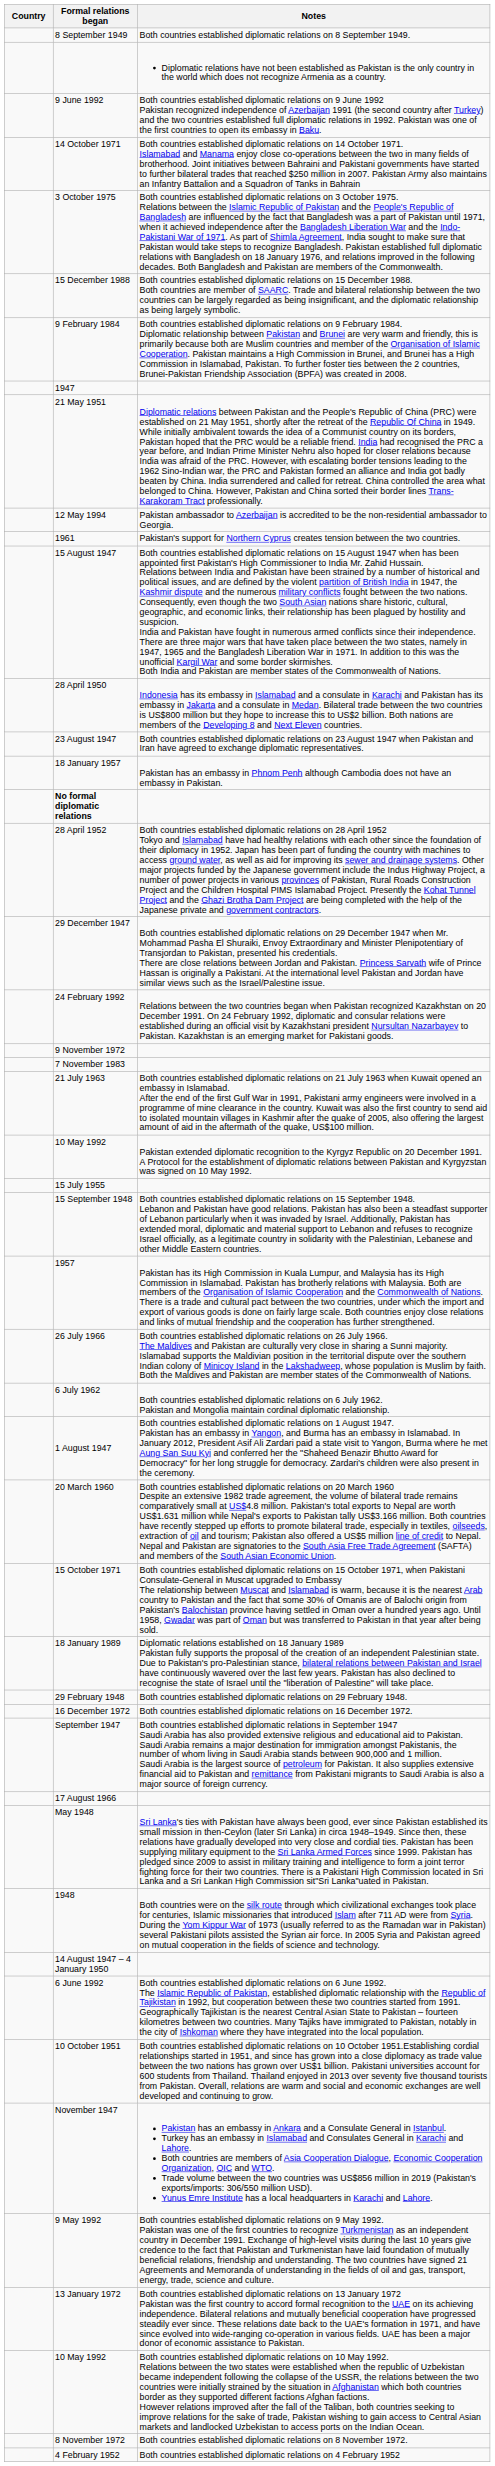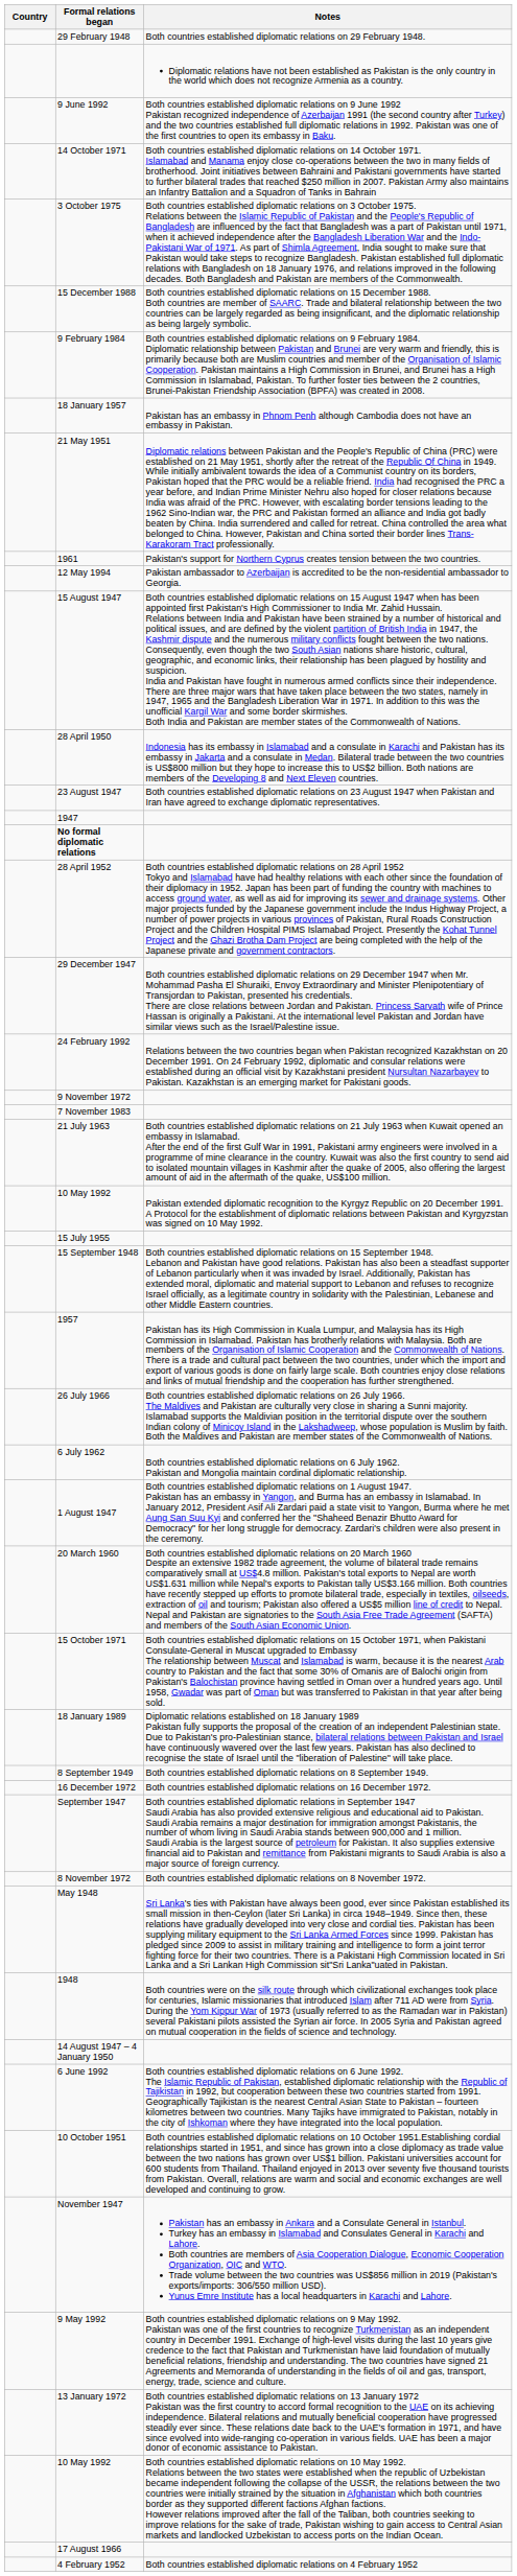 <table class="wikitable sortable" style="width:100%; margin:auto;">
 <tr>
 <th style="width:5%;">Country</th>
 <th style="width:12%;">Formal relations began</th>
 <th style="width:50%;">Notes</th>
 </tr>
 <tr valign="top">
 <td></td>
-<td>8 September 1949</td>
-<td>Both countries established diplomatic relations on 8 September 1949.</td>
+<td>29 February 1948</td>
+<td>Both countries established diplomatic relations on 29 February 1948.</td>
 </tr>
 <tr valign="top">
 <td></td>
 <td></td>
 <td><br><ul><li>Diplomatic relations have not been established as Pakistan is the only country in the world which does not recognize Armenia as a country.</li></ul></td>
 </tr>
 <tr valign="top">
 <td></td>
 <td>9 June 1992</td>
 <td>Both countries established diplomatic relations on 9 June 1992<br>Pakistan recognized independence of <a href='#'>Azerbaijan</a> 1991 (the second country after <a href='#'>Turkey</a>) and the two countries established full diplomatic relations in 1992. Pakistan was one of the first countries to open its embassy in <a href='#'>Baku</a>.</td>
 </tr>
 <tr valign="top">
 <td></td>
 <td>14 October 1971</td>
 <td>Both countries established diplomatic relations on 14 October 1971.<br><a href='#'>Islamabad</a> and <a href='#'>Manama</a> enjoy close co-operations between the two in many fields of brotherhood. Joint initiatives between Bahraini and Pakistani governments have started to further bilateral trades that reached $250 million in 2007. Pakistan Army also maintains an Infantry Battalion and a Squadron of Tanks in Bahrain</td>
 </tr>
 <tr valign="top">
 <td></td>
 <td>3 October 1975</td>
 <td>Both countries established diplomatic relations on 3 October 1975.<br>Relations between the <a href='#'>Islamic Republic of Pakistan</a> and the <a href='#'>People's Republic of Bangladesh</a> are influenced by the fact that Bangladesh was a part of Pakistan until 1971, when it achieved independence after the <a href='#'>Bangladesh Liberation War</a> and the <a href='#'>Indo-Pakistani War of 1971</a>. As part of <a href='#'>Shimla Agreement</a>, India sought to make sure that Pakistan would take steps to recognize Bangladesh. Pakistan established full diplomatic relations with Bangladesh on 18 January 1976, and relations improved in the following decades. Both Bangladesh and Pakistan are members of the Commonwealth.</td>
 </tr>
 <tr valign="top">
 <td></td>
 <td>15 December 1988</td>
 <td>Both countries established diplomatic relations on 15 December 1988.<br>Both countries are member of <a href='#'>SAARC</a>. Trade and bilateral relationship between the two countries can be largely regarded as being insignificant, and the diplomatic relationship as being largely symbolic.</td>
 </tr>
 <tr valign="top">
 <td></td>
 <td>9 February 1984</td>
 <td>Both countries established diplomatic relations on 9 February 1984.<br>Diplomatic relationship between <a href='#'>Pakistan</a> and <a href='#'>Brunei</a> are very warm and friendly, this is primarily because both are Muslim countries and member of the <a href='#'>Organisation of Islamic Cooperation</a>. Pakistan maintains a High Commission in Brunei, and Brunei has a High Commission in Islamabad, Pakistan. To further foster ties between the 2 countries, Brunei-Pakistan Friendship Association (BPFA) was created in 2008.</td>
 </tr>
 <tr valign="top">
 <td></td>
-<td>1947</td>
-<td></td>
+<td>18 January 1957</td>
+<td><br>Pakistan has an embassy in <a href='#'>Phnom Penh</a> although Cambodia does not have an embassy in Pakistan.</td>
 </tr>
 <tr valign="top">
 <td></td>
 <td>21 May 1951</td>
 <td><br><a href='#'>Diplomatic relations</a> between Pakistan and the People's Republic of China (PRC) were established on 21 May 1951, shortly after the retreat of the <a href='#'>Republic Of China</a> in 1949. While initially ambivalent towards the idea of a Communist country on its borders, Pakistan hoped that the PRC would be a reliable friend. <a href='#'>India</a> had recognised the PRC a year before, and Indian Prime Minister Nehru also hoped for closer relations because India was afraid of the PRC. However, with escalating border tensions leading to the 1962 Sino-Indian war, the PRC and Pakistan formed an alliance and India got badly beaten by China. India surrendered and called for retreat. China controlled the area what belonged to China. However, Pakistan and China sorted their border lines <a href='#'>Trans-Karakoram Tract</a> professionally.</td>
 </tr>
 <tr valign="top">
 <td></td>
-<td>12 May 1994</td>
-<td>Pakistan ambassador to <a href='#'>Azerbaijan</a> is accredited to be the non-residential ambassador to Georgia.</td>
+<td>1961</td>
+<td>Pakistan's support for <a href='#'>Northern Cyprus</a> creates tension between the two countries.</td>
 </tr>
 <tr valign="top">
 <td></td>
-<td>1961</td>
-<td>Pakistan's support for <a href='#'>Northern Cyprus</a> creates tension between the two countries.</td>
+<td>12 May 1994</td>
+<td>Pakistan ambassador to <a href='#'>Azerbaijan</a> is accredited to be the non-residential ambassador to Georgia.</td>
 </tr>
 <tr valign="top">
 <td></td>
 <td>15 August 1947</td>
 <td>Both countries established diplomatic relations on 15 August 1947 when has been appointed first Pakistan's High Commissioner to India Mr. Zahid Hussain.<br>Relations between India and Pakistan have been strained by a number of historical and political issues, and are defined by the violent <a href='#'>partition of British India</a> in 1947, the <a href='#'>Kashmir dispute</a> and the numerous <a href='#'>military conflicts</a> fought between the two nations. Consequently, even though the two <a href='#'>South Asian</a> nations share historic, cultural, geographic, and economic links, their relationship has been plagued by hostility and suspicion.<br>India and Pakistan have fought in numerous armed conflicts since their independence. There are three major wars that have taken place between the two states, namely in 1947, 1965 and the Bangladesh Liberation War in 1971. In addition to this was the unofficial <a href='#'>Kargil War</a> and some border skirmishes.<br>Both India and Pakistan are member states of the Commonwealth of Nations.</td>
 </tr>
 <tr valign="top">
 <td></td>
 <td>28 April 1950</td>
 <td><br><a href='#'>Indonesia</a> has its embassy in <a href='#'>Islamabad</a> and a consulate in <a href='#'>Karachi</a> and Pakistan has its embassy in <a href='#'>Jakarta</a> and a consulate in <a href='#'>Medan</a>. Bilateral trade between the two countries is US$800 million but they hope to increase this to US$2 billion. Both nations are members of the <a href='#'>Developing 8</a> and <a href='#'>Next Eleven</a> countries.</td>
 </tr>
 <tr valign="top">
 <td></td>
 <td>23 August 1947</td>
 <td>Both countries established diplomatic relations on 23 August 1947 when Pakistan and Iran have agreed to exchange diplomatic representatives.</td>
 </tr>
 <tr valign="top">
 <td></td>
-<td>18 January 1957</td>
-<td><br>Pakistan has an embassy in <a href='#'>Phnom Penh</a> although Cambodia does not have an embassy in Pakistan.</td>
+<td>1947</td>
+<td></td>
 </tr>
 <tr valign="top">
 <td></td>
 <td><strong>No formal diplomatic relations</strong></td>
 <td></td>
 </tr>
 <tr valign="top">
 <td></td>
 <td>28 April 1952</td>
 <td>Both countries established diplomatic relations on 28 April 1952<br>Tokyo and <a href='#'>Islamabad</a> have had healthy relations with each other since the foundation of their diplomacy in 1952. Japan has been part of funding the country with machines to access <a href='#'>ground water</a>, as well as aid for improving its <a href='#'>sewer and drainage systems</a>. Other major projects funded by the Japanese government include the Indus Highway Project, a number of power projects in various <a href='#'>provinces</a> of Pakistan, Rural Roads Construction Project and the Children Hospital PIMS Islamabad Project. Presently the <a href='#'>Kohat Tunnel Project</a> and the <a href='#'>Ghazi Brotha Dam Project</a> are being completed with the help of the Japanese private and <a href='#'>government contractors</a>.</td>
 </tr>
 <tr valign="top">
 <td></td>
 <td>29 December 1947</td>
 <td><br>Both countries established diplomatic relations on 29 December 1947 when Mr. Mohammad Pasha El Shuraiki, Envoy Extraordinary and Minister Plenipotentiary of Transjordan to Pakistan, presented his credentials.<br>There are close relations between Jordan and Pakistan. <a href='#'>Princess Sarvath</a> wife of Prince Hassan is originally a Pakistani. At the international level Pakistan and Jordan have similar views such as the Israel/Palestine issue.</td>
 </tr>
 <tr valign="top">
 <td></td>
 <td>24 February 1992</td>
 <td><br>Relations between the two countries began when Pakistan recognized Kazakhstan on 20 December 1991. On 24 February 1992, diplomatic and consular relations were established during an official visit by Kazakhstani president <a href='#'>Nursultan Nazarbayev</a> to Pakistan. Kazakhstan is an emerging market for Pakistani goods.</td>
 </tr>
 <tr valign="top">
 <td></td>
 <td>9 November 1972</td>
 <td></td>
 </tr>
 <tr valign="top">
 <td></td>
 <td>7 November 1983</td>
 <td></td>
 </tr>
 <tr valign="top">
 <td></td>
 <td>21 July 1963</td>
 <td>Both countries established diplomatic relations on 21 July 1963 when Kuwait opened an embassy in Islamabad.<br>After the end of the first Gulf War in 1991, Pakistani army engineers were involved in a programme of mine clearance in the country. Kuwait was also the first country to send aid to isolated mountain villages in Kashmir after the quake of 2005, also offering the largest amount of aid in the aftermath of the quake, US$100 million.</td>
 </tr>
 <tr valign="top">
 <td></td>
 <td>10 May 1992</td>
 <td><br>Pakistan extended diplomatic recognition to the Kyrgyz Republic on 20 December 1991. A Protocol for the establishment of diplomatic relations between Pakistan and Kyrgyzstan was signed on 10 May 1992.</td>
 </tr>
 <tr valign="top">
 <td></td>
 <td>15 July 1955</td>
 <td></td>
 </tr>
 <tr valign="top">
 <td></td>
 <td>15 September 1948</td>
 <td>Both countries established diplomatic relations on 15 September 1948.<br>Lebanon and Pakistan have good relations. Pakistan has also been a steadfast supporter of Lebanon particularly when it was invaded by Israel. Additionally, Pakistan has extended moral, diplomatic and material support to Lebanon and refuses to recognize Israel officially, as a legitimate country in solidarity with the Palestinian, Lebanese and other Middle Eastern countries.</td>
 </tr>
 <tr valign="top">
 <td></td>
 <td>1957</td>
 <td><br>Pakistan has its High Commission in Kuala Lumpur, and Malaysia has its High Commission in Islamabad. Pakistan has brotherly relations with Malaysia. Both are members of the <a href='#'>Organisation of Islamic Cooperation</a> and the <a href='#'>Commonwealth of Nations</a>. There is a trade and cultural pact between the two countries, under which the import and export of various goods is done on fairly large scale. Both countries enjoy close relations and links of mutual friendship and the cooperation has further strengthened.</td>
 </tr>
 <tr valign="top">
 <td></td>
 <td>26 July 1966</td>
 <td>Both countries established diplomatic relations on 26 July 1966.<br><a href='#'>The Maldives</a> and Pakistan are culturally very close in sharing a Sunni majority. Islamabad supports the Maldivian position in the territorial dispute over the southern Indian colony of <a href='#'>Minicoy Island</a> in the <a href='#'>Lakshadweep</a>, whose population is Muslim by faith. Both the Maldives and Pakistan are member states of the Commonwealth of Nations.</td>
 </tr>
 <tr valign="top">
 <td></td>
 <td>6 July 1962</td>
 <td><br>Both countries established diplomatic relations on 6 July 1962.<br>Pakistan and Mongolia maintain cordinal diplomatic relationship.</td>
 </tr>
 <tr>
 <td></td>
 <td>1 August 1947</td>
 <td>Both countries established diplomatic relations on 1 August 1947.<br> Pakistan has an embassy in <a href='#'>Yangon</a>, and Burma has an embassy in Islamabad. In January 2012, President Asif Ali Zardari paid a state visit to Yangon, Burma where he met <a href='#'>Aung San Suu Kyi</a> and conferred her the "Shaheed Benazir Bhutto Award for Democracy" for her long struggle for democracy. Zardari's children were also present in the ceremony.</td>
 </tr>
 <tr valign="top">
 <td></td>
 <td>20 March 1960</td>
 <td>Both countries established diplomatic relations on 20 March 1960<br>Despite an extensive 1982 trade agreement, the volume of bilateral trade remains comparatively small at <a href='#'>US$</a>4.8 million. Pakistan's total exports to Nepal are worth US$1.631 million while Nepal's exports to Pakistan tally US$3.166 million. Both countries have recently stepped up efforts to promote bilateral trade, especially in textiles, <a href='#'>oilseeds</a>, extraction of <a href='#'>oil</a> and tourism; Pakistan also offered a US$5 million <a href='#'>line of credit</a> to Nepal. Nepal and Pakistan are signatories to the <a href='#'>South Asia Free Trade Agreement</a> (SAFTA) and members of the <a href='#'>South Asian Economic Union</a>.</td>
 </tr>
 <tr valign="top">
 <td></td>
 <td>15 October 1971</td>
 <td>Both countries established diplomatic relations on 15 October 1971, when Pakistani Consulate-General in Muscat upgraded to Embassy<br>The relationship between <a href='#'>Muscat</a> and <a href='#'>Islamabad</a> is warm, because it is the nearest <a href='#'>Arab</a> country to Pakistan and the fact that some 30% of Omanis are of Balochi origin from Pakistan's <a href='#'>Balochistan</a> province having settled in Oman over a hundred years ago. Until 1958, <a href='#'>Gwadar</a> was part of <a href='#'>Oman</a> but was transferred to Pakistan in that year after being sold.</td>
 </tr>
 <tr valign="top">
 <td></td>
 <td>18 January 1989</td>
 <td>Diplomatic relations established on 18 January 1989<br>Pakistan fully supports the proposal of the creation of an independent Palestinian state. Due to Pakistan's pro-Palestinian stance, <a href='#'>bilateral relations between Pakistan and Israel</a> have continuously wavered over the last few years. Pakistan has also declined to recognise the state of Israel until the "liberation of Palestine" will take place.</td>
 </tr>
 <tr valign="top">
 <td></td>
-<td>29 February 1948</td>
-<td>Both countries established diplomatic relations on 29 February 1948.</td>
+<td>8 September 1949</td>
+<td>Both countries established diplomatic relations on 8 September 1949.</td>
 </tr>
 <tr>
 <td></td>
 <td>16 December 1972</td>
 <td>Both countries established diplomatic relations on 16 December 1972.</td>
 </tr>
 <tr valign="top">
 <td></td>
 <td>September 1947</td>
 <td>Both countries established diplomatic relations in September 1947<br>Saudi Arabia has also provided extensive religious and educational aid to Pakistan. Saudi Arabia remains a major destination for immigration amongst Pakistanis, the number of whom living in Saudi Arabia stands between 900,000 and 1 million.<br>Saudi Arabia is the largest source of <a href='#'>petroleum</a> for Pakistan. It also supplies extensive financial aid to Pakistan and <a href='#'>remittance</a> from Pakistani migrants to Saudi Arabia is also a major source of foreign currency.</td>
 </tr>
 <tr valign="top">
 <td></td>
-<td>17 August 1966</td>
-<td></td>
+<td>8 November 1972</td>
+<td>Both countries established diplomatic relations on 8 November 1972.</td>
 </tr>
 <tr valign="top">
 <td></td>
 <td>May 1948</td>
 <td><br><a href='#'>Sri Lanka</a>'s ties with Pakistan have always been good, ever since Pakistan established its small mission in then-Ceylon (later Sri Lanka) in circa 1948–1949. Since then, these relations have gradually developed into very close and cordial ties. Pakistan has been supplying military equipment to the <a href='#'>Sri Lanka Armed Forces</a> since 1999. Pakistan has pledged since 2009 to assist in military training and intelligence to form a joint terror fighting force for their two countries. There is a Pakistani High Commission located in Sri Lanka and a Sri Lankan High Commission sit"Sri Lanka"uated in Pakistan.</td>
 </tr>
 <tr valign="top">
 <td></td>
 <td>1948</td>
 <td><br>Both countries were on the <a href='#'>silk route</a> through which civilizational exchanges took place for centuries, Islamic missionaries that introduced <a href='#'>Islam</a> after 711 AD were from <a href='#'>Syria</a>. During the <a href='#'>Yom Kippur War</a> of 1973 (usually referred to as the Ramadan war in Pakistan) several Pakistani pilots assisted the Syrian air force. In 2005 Syria and Pakistan agreed on mutual cooperation in the fields of science and technology.</td>
 </tr>
 <tr valign="top">
 <td></td>
 <td>14 August 1947 – 4 January 1950</td>
 <td><br></td>
 </tr>
 <tr valign="top">
 <td></td>
 <td>6 June 1992</td>
 <td>Both countries established diplomatic relations on 6 June 1992.<br>The <a href='#'>Islamic Republic of Pakistan</a>, established diplomatic relationship with the <a href='#'>Republic of Tajikistan</a> in 1992, but cooperation between these two countries started from 1991. Geographically Tajikistan is the nearest Central Asian State to Pakistan – fourteen kilometres between two countries. Many Tajiks have immigrated to Pakistan, notably in the city of <a href='#'>Ishkoman</a> where they have integrated into the local population.</td>
 </tr>
 <tr valign="top">
 <td></td>
 <td>10 October 1951</td>
 <td>Both countries established diplomatic relations on 10 October 1951.Establishing cordial relationships started in 1951, and since has grown into a close diplomacy as trade value between the two nations has grown over US$1 billion. Pakistani universities account for 600 students from Thailand. Thailand enjoyed in 2013 over seventy five thousand tourists from Pakistan. Overall, relations are warm and social and economic exchanges are well developed and continuing to grow.</td>
 </tr>
 <tr valign="top">
 <td></td>
 <td>November 1947</td>
 <td><br><ul><li><a href='#'>Pakistan</a> has an embassy in <a href='#'>Ankara</a> and a Consulate General in <a href='#'>Istanbul</a>.</li><li>Turkey has an embassy in <a href='#'>Islamabad</a> and Consulates General in <a href='#'>Karachi</a> and <a href='#'>Lahore</a>.</li><li>Both countries are members of <a href='#'>Asia Cooperation Dialogue</a>, <a href='#'>Economic Cooperation Organization</a>, <a href='#'>OIC</a> and <a href='#'>WTO</a>.</li><li>Trade volume between the two countries was US$856 million in 2019 (Pakistan's exports/imports: 306/550 million USD).</li><li><a href='#'>Yunus Emre Institute</a> has a local headquarters in <a href='#'>Karachi</a> and <a href='#'>Lahore</a>.</li></ul></td>
 </tr>
 <tr valign="top">
 <td></td>
 <td>9 May 1992</td>
 <td>Both countries established diplomatic relations on 9 May 1992.<br>Pakistan was one of the first countries to recognize <a href='#'>Turkmenistan</a> as an independent country in December 1991. Exchange of high-level visits during the last 10 years give credence to the fact that Pakistan and Turkmenistan have laid foundation of mutually beneficial relations, friendship and understanding. The two countries have signed 21 Agreements and Memoranda of understanding in the fields of oil and gas, transport, energy, trade, science and culture.</td>
 </tr>
 <tr valign="top">
 <td></td>
 <td>13 January 1972</td>
 <td>Both countries established diplomatic relations on 13 January 1972<br>Pakistan was the first country to accord formal recognition to the <a href='#'>UAE</a> on its achieving independence. Bilateral relations and mutually beneficial cooperation have progressed steadily ever since. These relations date back to the UAE's formation in 1971, and have since evolved into wide-ranging co-operation in various fields. UAE has been a major donor of economic assistance to Pakistan.</td>
 </tr>
 <tr valign="top">
 <td></td>
 <td>10 May 1992</td>
 <td>Both countries established diplomatic relations on 10 May 1992.<br>Relations between the two states were established when the republic of Uzbekistan became independent following the collapse of the USSR, the relations between the two countries were initially strained by the situation in <a href='#'>Afghanistan</a> which both countries border as they supported different factions Afghan factions.<br>However relations improved after the fall of the Taliban, both countries seeking to improve relations for the sake of trade, Pakistan wishing to gain access to Central Asian markets and landlocked Uzbekistan to access ports on the Indian Ocean.</td>
 </tr>
 <tr valign="top">
 <td></td>
-<td>8 November 1972</td>
-<td>Both countries established diplomatic relations on 8 November 1972.</td>
+<td>17 August 1966</td>
+<td></td>
 </tr>
 <tr>
 <td></td>
 <td>4 February 1952</td>
 <td>Both countries established diplomatic relations on 4 February 1952</td>
 </tr>
 </table>
